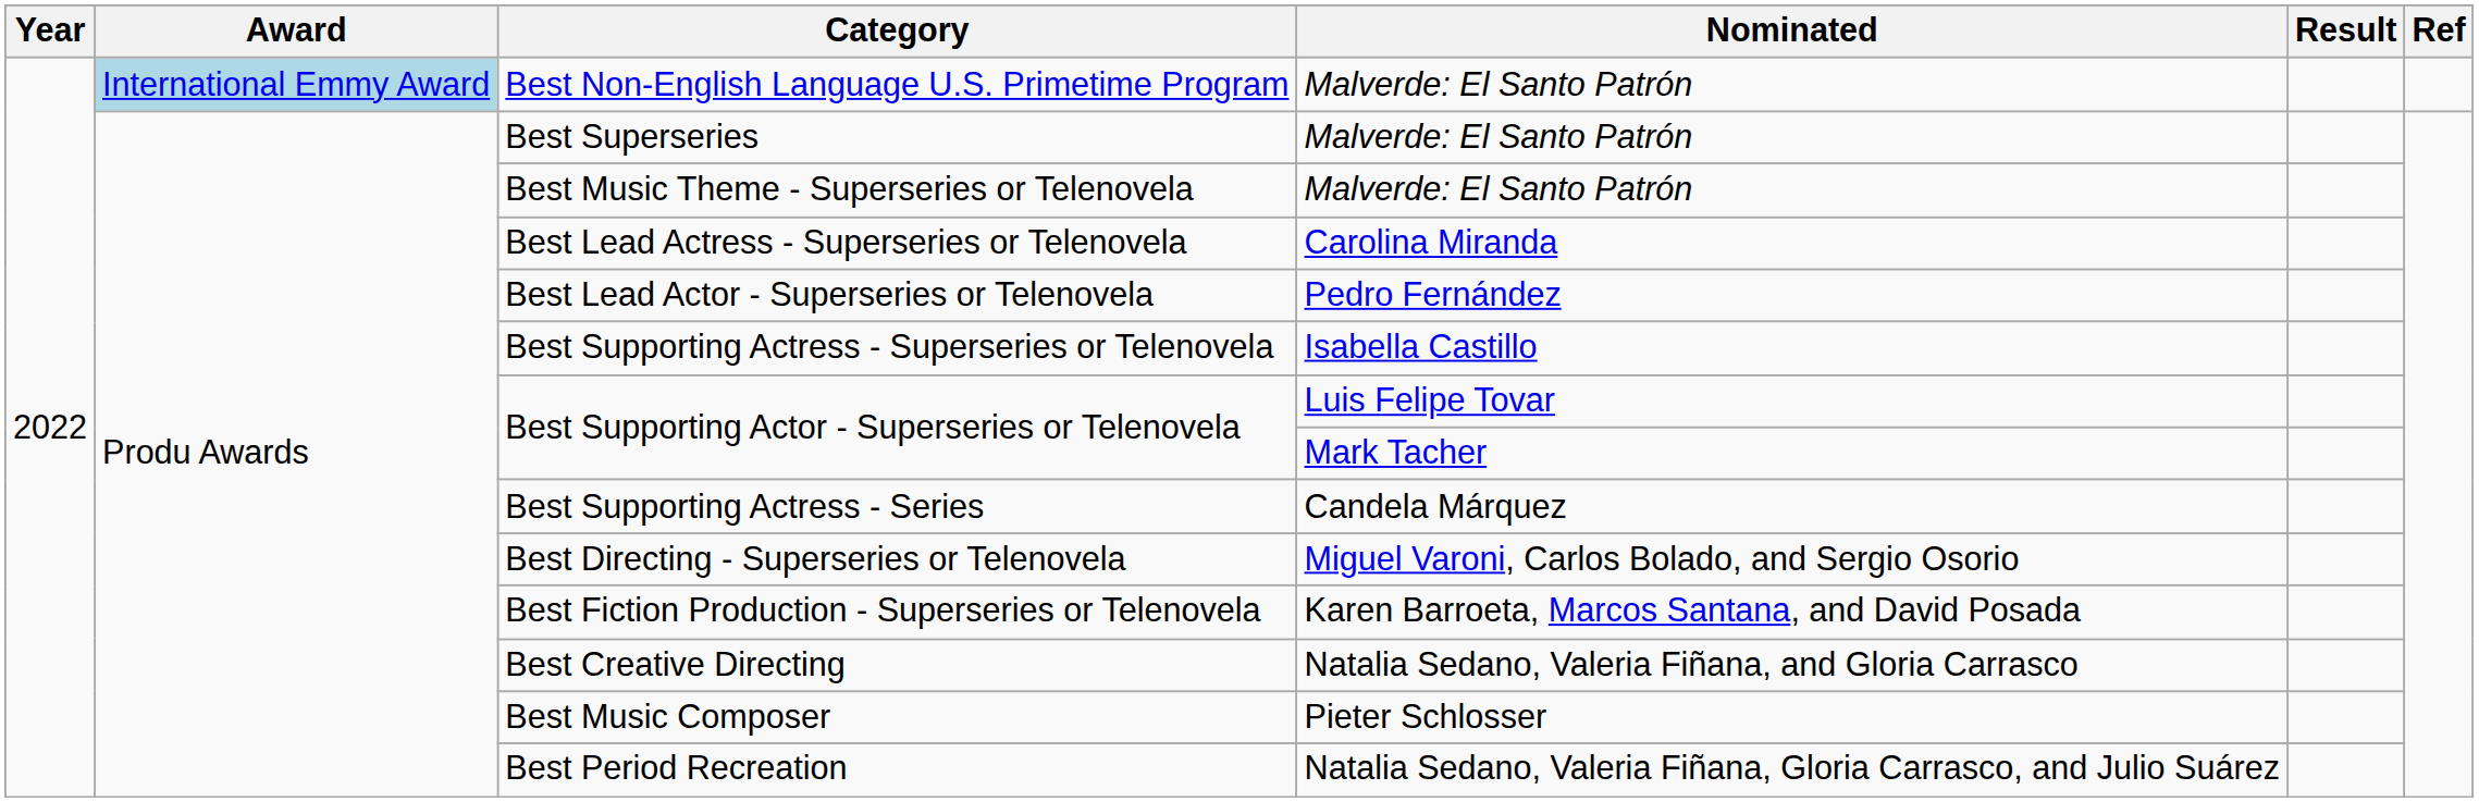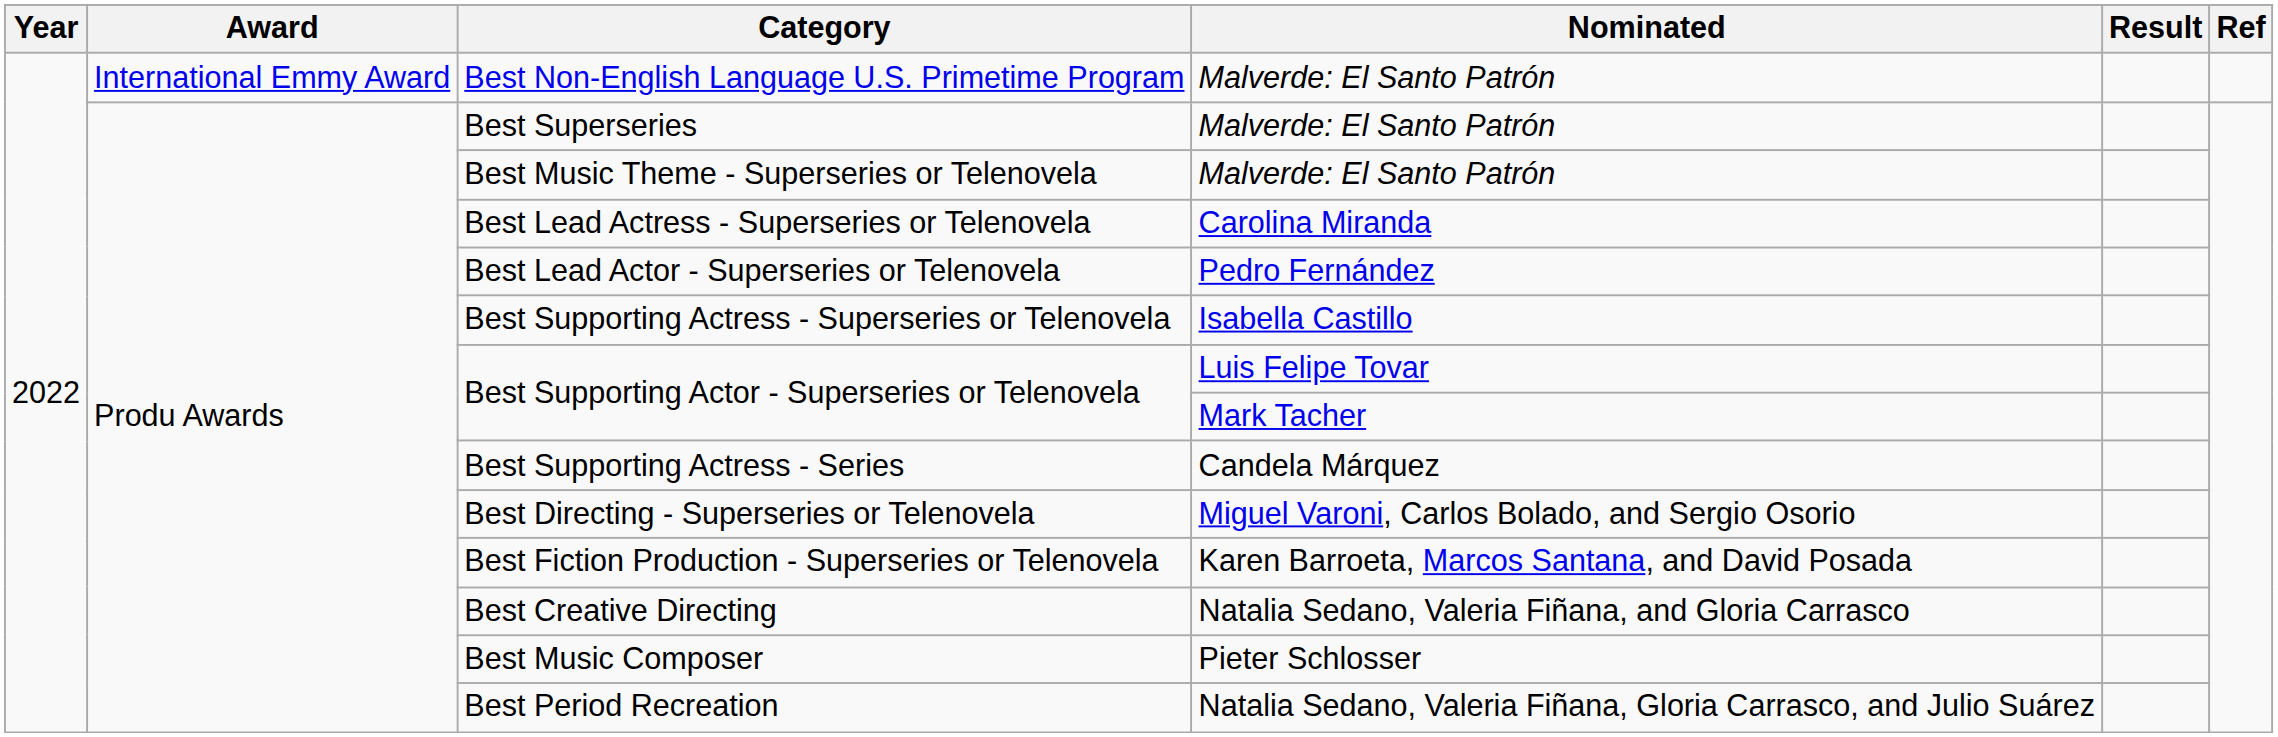 <table class="wikitable plainrowheaders">
 <tr>
 <th scope="col">Year</th>
 <th scope="col">Award</th>
 <th scope="col">Category</th>
 <th scope="col">Nominated</th>
 <th scope="col">Result</th>
 <th scope="col">Ref</th>
 </tr>
 <tr>
 <td rowspan="14">2022</td>
-<td style="background: lightblue;"><a href='#'>International Emmy Award</a></td>
+<td><a href='#'>International Emmy Award</a></td>
 <td><a href='#'>Best Non-English Language U.S. Primetime Program</a></td>
 <td><em>Malverde: El Santo Patrón</em></td>
 <td></td>
 <td align="center"></td>
 </tr>
 <tr>
 <td rowspan="13">Produ Awards</td>
 <td>Best Superseries</td>
 <td><em>Malverde: El Santo Patrón</em></td>
 <td></td>
 <td align="center" rowspan="13"></td>
 </tr>
 <tr>
 <td>Best Music Theme - Superseries or Telenovela</td>
 <td><em>Malverde: El Santo Patrón</em></td>
 <td></td>
 </tr>
 <tr>
 <td>Best Lead Actress - Superseries or Telenovela</td>
 <td><a href='#'>Carolina Miranda</a></td>
 <td></td>
 </tr>
 <tr>
 <td>Best Lead Actor - Superseries or Telenovela</td>
 <td><a href='#'>Pedro Fernández</a></td>
 <td></td>
 </tr>
 <tr>
 <td>Best Supporting Actress - Superseries or Telenovela</td>
 <td><a href='#'>Isabella Castillo</a></td>
 <td></td>
 </tr>
 <tr>
 <td rowspan="2">Best Supporting Actor - Superseries or Telenovela</td>
 <td><a href='#'>Luis Felipe Tovar</a></td>
 <td></td>
 </tr>
 <tr>
 <td><a href='#'>Mark Tacher</a></td>
 <td></td>
 </tr>
 <tr>
 <td>Best Supporting Actress - Series</td>
 <td>Candela Márquez</td>
 <td></td>
 </tr>
 <tr>
 <td>Best Directing - Superseries or Telenovela</td>
 <td><a href='#'>Miguel Varoni</a>, Carlos Bolado, and Sergio Osorio</td>
 <td></td>
 </tr>
 <tr>
 <td>Best Fiction Production - Superseries or Telenovela</td>
 <td>Karen Barroeta, <a href='#'>Marcos Santana</a>, and David Posada</td>
 <td></td>
 </tr>
 <tr>
 <td>Best Creative Directing</td>
 <td>Natalia Sedano, Valeria Fiñana, and Gloria Carrasco</td>
 <td></td>
 </tr>
 <tr>
 <td>Best Music Composer</td>
 <td>Pieter Schlosser</td>
 <td></td>
 </tr>
 <tr>
 <td>Best Period Recreation</td>
 <td>Natalia Sedano, Valeria Fiñana, Gloria Carrasco, and Julio Suárez</td>
 <td></td>
 </tr>
 <tr>
 </tr>
 </table>
